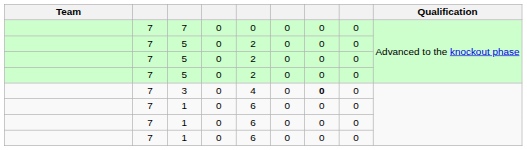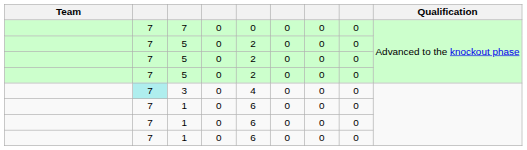 <table class=wikitable style="text-align: center;">
 <tr>
 <th style="width: 12.5em;" scope="col">Team</th>
 <th style="width: 3em;" scope="col"></th>
 <th style="width: 3em;" scope="col"></th>
 <th style="width: 3em;" scope="col"></th>
 <th style="width: 3em;" scope="col"></th>
 <th style="width: 3em;" scope="col"></th>
 <th style="width: 3em;" scope="col"></th>
 <th style="width: 3em;" scope="col"></th>
 <th scope="col">Qualification</th>
 </tr>
 <tr style="background-color: #CCFFCC;">
 <td style="text-align: left;"></td>
 <td>7</td>
 <td>7</td>
 <td>0</td>
 <td>0</td>
 <td>0</td>
 <td>0</td>
 <td>0</td>
 <td rowspan="4">Advanced to the <a href='#'>knockout phase</a></td>
 </tr>
 <tr style="background-color: #CCFFCC;">
 <td style="text-align: left;"></td>
 <td>7</td>
 <td>5</td>
 <td>0</td>
 <td>2</td>
 <td>0</td>
 <td>0</td>
 <td>0</td>
 </tr>
 <tr style="background-color: #CCFFCC;">
 <td style="text-align: left;"></td>
 <td>7</td>
 <td>5</td>
 <td>0</td>
 <td>2</td>
 <td>0</td>
 <td>0</td>
 <td>0</td>
 </tr>
 <tr style="background-color: #CCFFCC;">
 <td style="text-align: left;"></td>
 <td>7</td>
 <td>5</td>
 <td>0</td>
 <td>2</td>
 <td>0</td>
 <td>0</td>
 <td>0</td>
 </tr>
 <tr>
 <td style="text-align: left;"></td>
-<td>7</td>
+<td style="background: paleturquoise;">7</td>
 <td>3</td>
 <td>0</td>
 <td>4</td>
 <td>0</td>
-<td><strong>0</strong></td>
+<td>0</td>
 <td>0</td>
 </tr>
 <tr>
 <td style="text-align: left;"></td>
 <td>7</td>
 <td>1</td>
 <td>0</td>
 <td>6</td>
 <td>0</td>
 <td>0</td>
 <td>0</td>
 </tr>
 <tr>
 <td style="text-align: left;"></td>
 <td>7</td>
 <td>1</td>
 <td>0</td>
 <td>6</td>
 <td>0</td>
 <td>0</td>
 <td>0</td>
 </tr>
 <tr>
 <td style="text-align: left;"></td>
 <td>7</td>
 <td>1</td>
 <td>0</td>
 <td>6</td>
 <td>0</td>
 <td>0</td>
 <td>0</td>
 </tr>
 </table>
